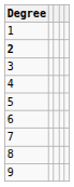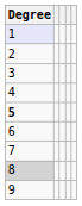 <table class="wikitable">
 <tr>
 <th>Degree</th>
 <th></th>
 <th></th>
 <th></th>
 <th></th>
 </tr>
 <tr>
-<td>1</td>
+<td style="background: lavender;">1</td>
 <td></td>
 <td></td>
 <td></td>
 <td></td>
 </tr>
 <tr>
-<td><strong>2</strong></td>
+<td>2</td>
 <td></td>
 <td></td>
 <td></td>
 <td></td>
 </tr>
 <tr>
 <td>3</td>
 <td></td>
 <td></td>
 <td></td>
 <td></td>
 </tr>
 <tr>
 <td>4</td>
 <td></td>
 <td></td>
 <td></td>
 <td></td>
 </tr>
 <tr>
-<td>5</td>
+<td><strong>5</strong></td>
 <td></td>
 <td></td>
 <td></td>
 <td></td>
 </tr>
 <tr>
 <td>6</td>
 <td></td>
 <td></td>
 <td></td>
 <td></td>
 </tr>
 <tr>
 <td>7</td>
 <td></td>
 <td></td>
 <td></td>
 <td></td>
 </tr>
 <tr>
-<td>8</td>
+<td style="background: lightgrey;">8</td>
 <td></td>
 <td></td>
 <td></td>
 <td></td>
 </tr>
 <tr>
 <td>9</td>
 <td></td>
 <td></td>
 <td></td>
 <td></td>
 </tr>
 </table>
